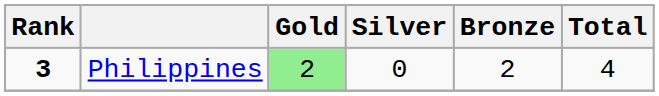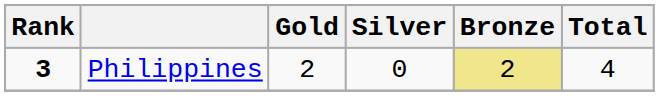 <table class=wikitable style="text-align:center">
 <tr>
 <th>Rank</th>
 <th></th>
 <th>Gold</th>
 <th>Silver</th>
 <th>Bronze</th>
 <th>Total</th>
 </tr>
 <tr>
 <td><strong>3</strong></td>
 <td style="text-align:left"> <a href='#'>Philippines</a></td>
-<td style="background: lightgreen;">2</td>
+<td>2</td>
 <td>0</td>
-<td>2</td>
+<td style="background: khaki;">2</td>
 <td>4</td>
 </tr>
 <tr>
 </tr>
 </table>
